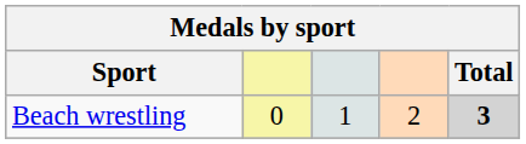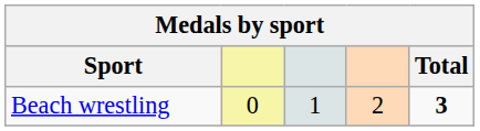 <table class="wikitable" style="font-size:90%; text-align:center;">
 <tr>
 <th colspan="5">Medals by sport</th>
 </tr>
 <tr>
 <th width="120">Sport</th>
 <th scope="col" width="30" style="background:#F7F6A8;"></th>
 <th scope="col" width="30" style="background:#DCE5E5;"></th>
 <th scope="col" width="30" style="background:#FFDAB9;"></th>
 <th width="30">Total</th>
 </tr>
 <tr>
 <td align="left"><a href='#'>Beach wrestling</a></td>
 <td style="background:#F7F6A8;">0</td>
 <td style="background:#DCE5E5;">1</td>
 <td style="background:#FFDAB9;">2</td>
-<td style="background: lightgrey;"><strong>3</strong></td>
+<td><strong>3</strong></td>
 </tr>
 </table>
